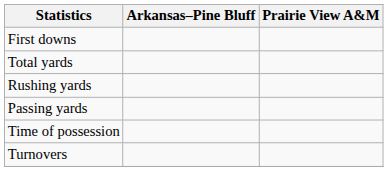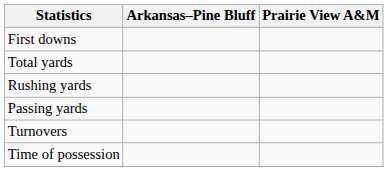 <table class="wikitable">
 <tr>
 <th>Statistics</th>
 <th>Arkansas–Pine Bluff</th>
 <th>Prairie View A&M</th>
 </tr>
 <tr>
 <td>First downs</td>
 <td> </td>
 <td> </td>
 </tr>
 <tr>
 <td>Total yards</td>
 <td> </td>
 <td> </td>
 </tr>
 <tr>
 <td>Rushing yards</td>
 <td> </td>
 <td> </td>
 </tr>
 <tr>
 <td>Passing yards</td>
 <td> </td>
 <td> </td>
 </tr>
 <tr>
-<td>Time of possession</td>
+<td>Turnovers</td>
 <td> </td>
 <td> </td>
 </tr>
 <tr>
-<td>Turnovers</td>
+<td>Time of possession</td>
 <td> </td>
 <td> </td>
 </tr>
 <tr>
 </tr>
 </table>
